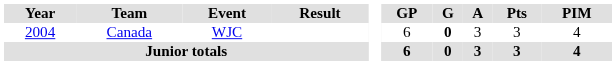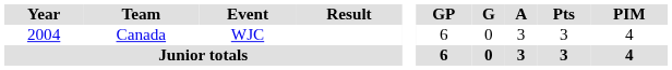 <table border="0" cellpadding="1" cellspacing="0" style="text-align:center; width:40em">
 <tr ALIGN="center" bgcolor="#e0e0e0">
 <th>Year</th>
 <th>Team</th>
 <th>Event</th>
 <th>Result</th>
 <th rowspan="99" bgcolor="#ffffff"> </th>
 <th>GP</th>
 <th>G</th>
 <th>A</th>
 <th>Pts</th>
 <th>PIM</th>
 </tr>
 <tr ALIGN="center">
 <td><a href='#'>2004</a></td>
 <td><a href='#'>Canada</a></td>
 <td><a href='#'>WJC</a></td>
 <td></td>
 <td>6</td>
-<td><strong>0</strong></td>
+<td>0</td>
 <td>3</td>
 <td>3</td>
 <td>4</td>
 </tr>
 <tr bgcolor="#e0e0e0">
 <th colspan="4">Junior totals</th>
 <th>6</th>
 <th>0</th>
 <th>3</th>
 <th>3</th>
 <th>4</th>
 </tr>
 </table>
